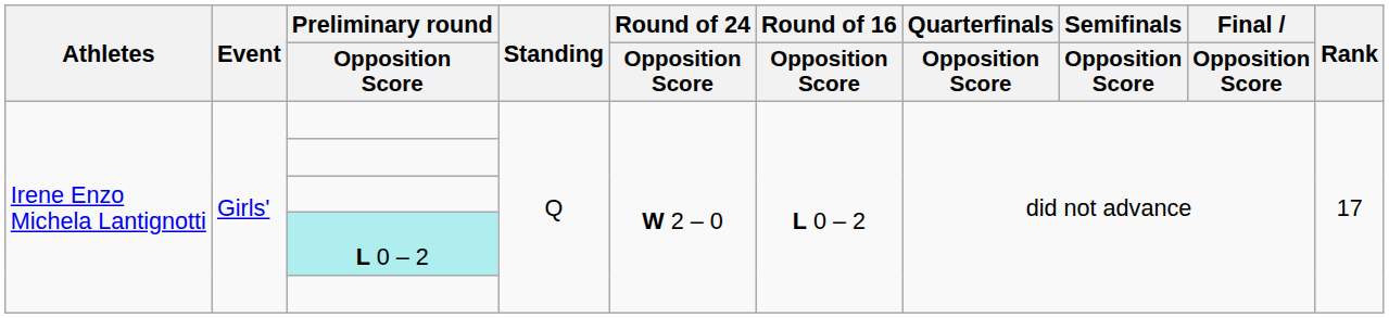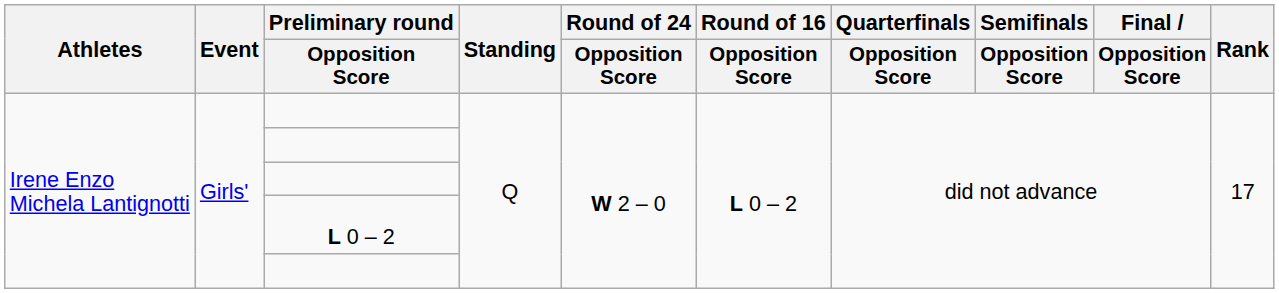 <table class=wikitable style="font-size:90%">
 <tr>
 <th rowspan="2">Athletes</th>
 <th rowspan="2">Event</th>
 <th>Preliminary round</th>
 <th rowspan="2">Standing</th>
 <th>Round of 24</th>
 <th>Round of 16</th>
 <th>Quarterfinals</th>
 <th>Semifinals</th>
 <th>Final / </th>
 <th rowspan=2>Rank</th>
 </tr>
 <tr style="font-size:95%">
 <th>Opposition<br>Score</th>
 <th>Opposition<br>Score</th>
 <th>Opposition<br>Score</th>
 <th>Opposition<br>Score</th>
 <th>Opposition<br>Score</th>
 <th>Opposition<br>Score</th>
 </tr>
 <tr align=center>
 <td align=left rowspan=5><a href='#'>Irene Enzo</a><br><a href='#'>Michela Lantignotti</a></td>
 <td align=left rowspan=5><a href='#'>Girls'</a></td>
 <td><br></td>
 <td rowspan=5>Q</td>
 <td rowspan=5><br><strong>W</strong> 2 – 0</td>
 <td rowspan=5><br><strong>L</strong> 0 – 2</td>
 <td rowspan=5 colspan=3>did not advance</td>
 <td rowspan=5>17</td>
 </tr>
 <tr align=center>
 <td><br></td>
 </tr>
 <tr align=center>
 <td><br></td>
 </tr>
 <tr align=center>
-<td style="background: paleturquoise;"><br><strong>L</strong> 0 – 2</td>
+<td><br><strong>L</strong> 0 – 2</td>
 </tr>
 <tr align=center>
 <td><br></td>
 </tr>
 </table>
